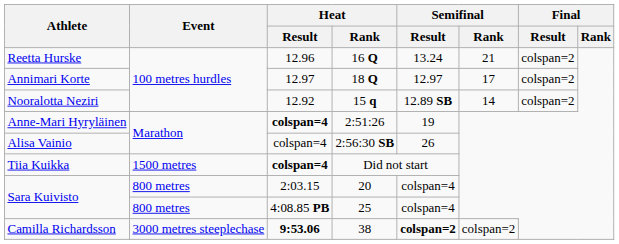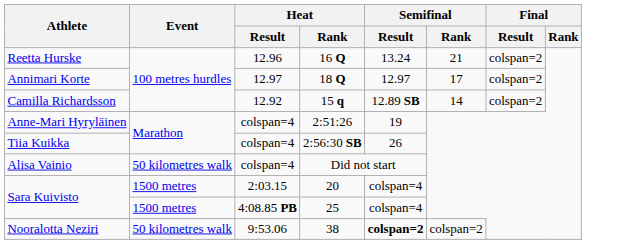 <table class="wikitable"  style=font-size:90%>
 <tr>
 <th rowspan="2">Athlete</th>
 <th rowspan="2">Event</th>
 <th colspan="2">Heat</th>
 <th colspan="2">Semifinal</th>
 <th colspan="2">Final</th>
 </tr>
 <tr>
 <th>Result</th>
 <th>Rank</th>
 <th>Result</th>
 <th>Rank</th>
 <th>Result</th>
 <th>Rank</th>
 </tr>
 <tr style=text-align:center>
 <td style=text-align:left><a href='#'>Reetta Hurske</a></td>
 <td style=text-align:left rowspan="3"><a href='#'>100 metres hurdles</a></td>
 <td>12.96</td>
 <td>16 <strong>Q</strong></td>
 <td>13.24</td>
 <td>21</td>
 <td>colspan=2 </td>
 </tr>
 <tr style=text-align:center>
 <td style=text-align:left><a href='#'>Annimari Korte</a></td>
 <td>12.97</td>
 <td>18 <strong>Q</strong></td>
 <td>12.97</td>
 <td>17</td>
 <td>colspan=2 </td>
 </tr>
 <tr style=text-align:center>
-<td style=text-align:left><a href='#'>Nooralotta Neziri</a></td>
+<td style=text-align:left><a href='#'>Camilla Richardsson</a></td>
 <td>12.92</td>
 <td>15 <strong>q</strong></td>
 <td>12.89 <strong>SB</strong></td>
 <td>14</td>
 <td>colspan=2 </td>
 </tr>
 <tr style=text-align:center>
 <td style=text-align:left><a href='#'>Anne-Mari Hyryläinen</a></td>
 <td style=text-align:left rowspan="2"><a href='#'>Marathon</a></td>
-<td><strong>colspan=4 </strong></td>
+<td>colspan=4 </td>
 <td>2:51:26</td>
 <td>19</td>
 </tr>
 <tr style=text-align:center>
-<td style=text-align:left><a href='#'>Alisa Vainio</a></td>
+<td style=text-align:left><a href='#'>Tiia Kuikka</a></td>
 <td>colspan=4 </td>
 <td>2:56:30 <strong>SB</strong></td>
 <td>26</td>
 </tr>
 <tr style=text-align:center>
-<td style=text-align:left><a href='#'>Tiia Kuikka</a></td>
-<td style=text-align:left><a href='#'>1500 metres</a></td>
-<td><strong>colspan=4 </strong></td>
+<td style=text-align:left><a href='#'>Alisa Vainio</a></td>
+<td style=text-align:left><a href='#'>50 kilometres walk</a></td>
+<td>colspan=4 </td>
 <td colspan=2>Did not start</td>
 </tr>
 <tr style=text-align:center>
 <td style=text-align:left rowspan=2><a href='#'>Sara Kuivisto</a></td>
-<td style=text-align:left><a href='#'>800 metres</a></td>
+<td style=text-align:left><a href='#'>1500 metres</a></td>
 <td>2:03.15</td>
 <td>20</td>
 <td>colspan=4 </td>
 </tr>
 <tr style=text-align:center>
-<td style=text-align:left><a href='#'>800 metres</a></td>
+<td style=text-align:left><a href='#'>1500 metres</a></td>
 <td>4:08.85 <strong>PB</strong></td>
 <td>25</td>
 <td>colspan=4 </td>
 </tr>
 <tr style=text-align:center>
-<td style=text-align:left><a href='#'>Camilla Richardsson</a></td>
-<td style=text-align:left><a href='#'>3000 metres steeplechase</a></td>
-<td><strong>9:53.06</strong></td>
+<td style=text-align:left><a href='#'>Nooralotta Neziri</a></td>
+<td style=text-align:left><a href='#'>50 kilometres walk</a></td>
+<td>9:53.06</td>
 <td>38</td>
 <td><strong>colspan=2 </strong></td>
 <td>colspan=2 </td>
 </tr>
 </table>
